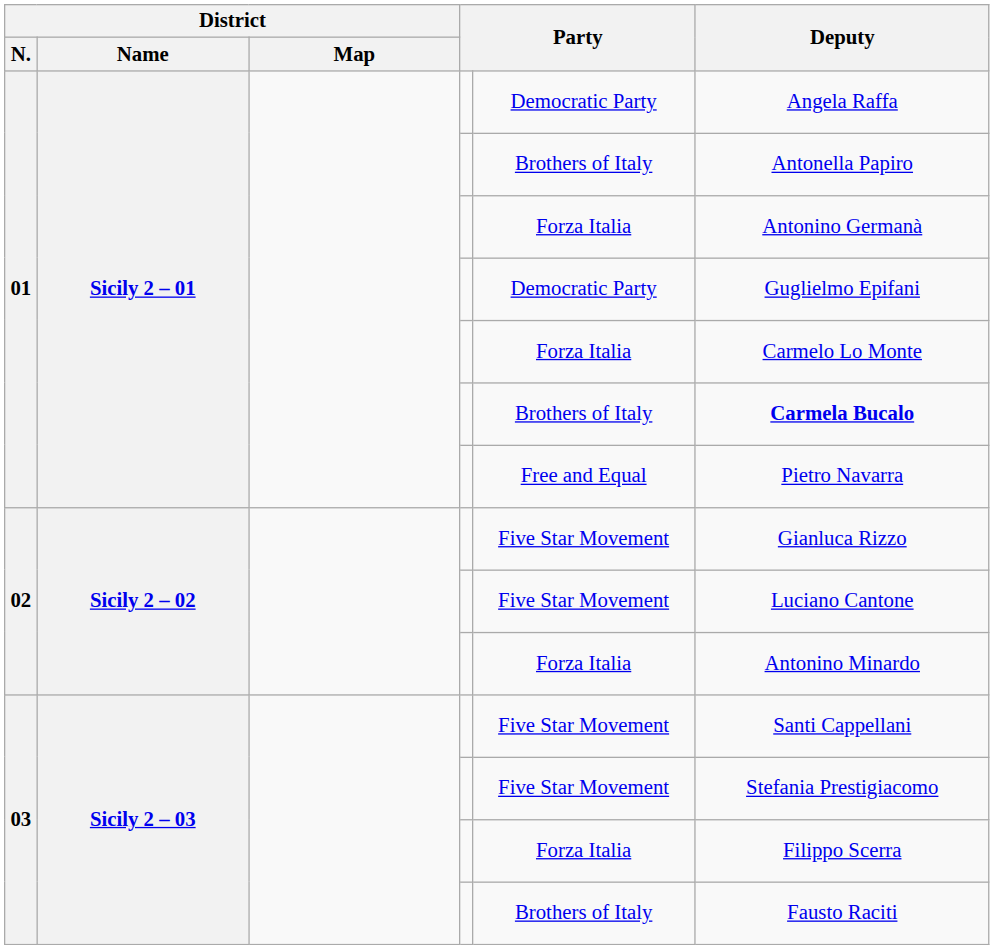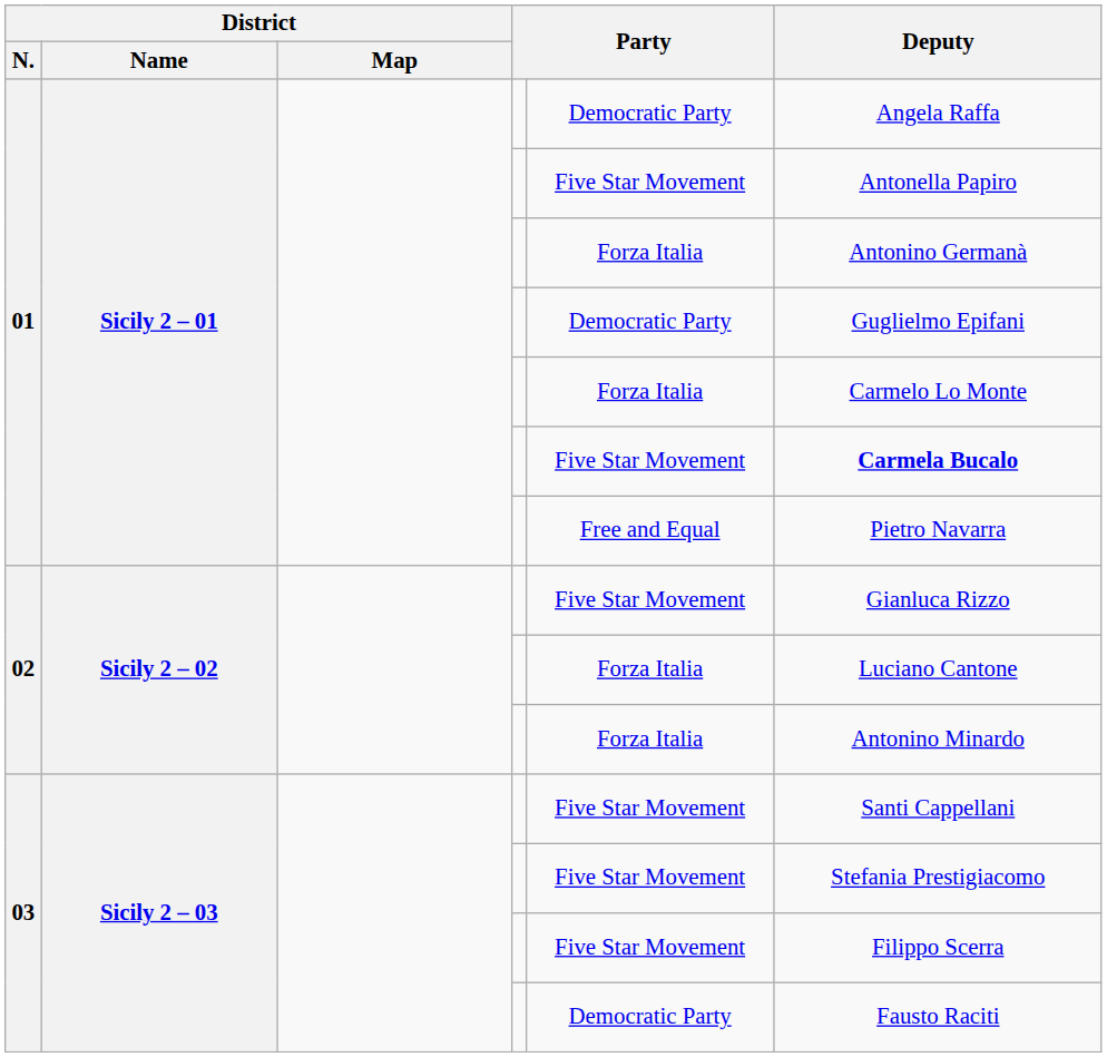 <table class="wikitable" style="text-align:center; style="width=60%">
 <tr>
 <th width=35% colspan="3">District</th>
 <th width=20% colspan="2" rowspan="2">Party</th>
 <th width=25% rowspan="2">Deputy</th>
 </tr>
 <tr>
 <th width=1%>N.</th>
 <th width=18%>Name</th>
 <th width=18%>Map</th>
 </tr>
 <tr style="height:3em;">
 <th rowspan="7">01</th>
 <th rowspan="7"><a href='#'>Sicily 2 – 01</a></th>
 <td rowspan="7"></td>
 <td style="background:"></td>
 <td><a href='#'>Democratic Party</a></td>
 <td><a href='#'>Angela Raffa</a></td>
 </tr>
 <tr style="height:3em;">
 <td style="background:"></td>
-<td><a href='#'>Brothers of Italy</a></td>
+<td><a href='#'>Five Star Movement</a></td>
 <td><a href='#'>Antonella Papiro</a></td>
 </tr>
 <tr style="height:3em;">
 <td style="background:"></td>
 <td><a href='#'>Forza Italia</a></td>
 <td><a href='#'>Antonino Germanà</a></td>
 </tr>
 <tr style="height:3em;">
 <td style="background:"></td>
 <td><a href='#'>Democratic Party</a></td>
 <td><a href='#'>Guglielmo Epifani</a></td>
 </tr>
 <tr style="height:3em;">
 <td style="background:"></td>
 <td><a href='#'>Forza Italia</a></td>
 <td><a href='#'>Carmelo Lo Monte</a></td>
 </tr>
 <tr style="height:3em;">
 <td style="background:"></td>
-<td><a href='#'>Brothers of Italy</a></td>
+<td><a href='#'>Five Star Movement</a></td>
 <td><strong><a href='#'>Carmela Bucalo</a></strong></td>
 </tr>
 <tr style="height:3em;">
 <td style="background:"></td>
 <td><a href='#'>Free and Equal</a></td>
 <td><a href='#'>Pietro Navarra</a></td>
 </tr>
 <tr style="height:3em;">
 <th rowspan="3">02</th>
 <th rowspan="3"><a href='#'>Sicily 2 – 02</a></th>
 <td rowspan="3"></td>
 <td style="background:"></td>
 <td><a href='#'>Five Star Movement</a></td>
 <td><a href='#'>Gianluca Rizzo</a></td>
 </tr>
 <tr style="height:3em;">
 <td style="background:"></td>
-<td><a href='#'>Five Star Movement</a></td>
+<td><a href='#'>Forza Italia</a></td>
 <td><a href='#'>Luciano Cantone</a></td>
 </tr>
 <tr style="height:3em;">
 <td style="background:"></td>
 <td><a href='#'>Forza Italia</a></td>
 <td><a href='#'>Antonino Minardo</a></td>
 </tr>
 <tr style="height:3em;">
 <th rowspan="4">03</th>
 <th rowspan="4"><a href='#'>Sicily 2 – 03</a></th>
 <td rowspan="4"></td>
 <td style="background:"></td>
 <td><a href='#'>Five Star Movement</a></td>
 <td><a href='#'>Santi Cappellani</a></td>
 </tr>
 <tr style="height:3em;">
 <td style="background:"></td>
 <td><a href='#'>Five Star Movement</a></td>
 <td><a href='#'>Stefania Prestigiacomo</a></td>
 </tr>
 <tr style="height:3em;">
 <td style="background:"></td>
-<td><a href='#'>Forza Italia</a></td>
+<td><a href='#'>Five Star Movement</a></td>
 <td><a href='#'>Filippo Scerra</a></td>
 </tr>
 <tr style="height:3em;">
 <td style="background:"></td>
-<td><a href='#'>Brothers of Italy</a></td>
+<td><a href='#'>Democratic Party</a></td>
 <td><a href='#'>Fausto Raciti</a></td>
 </tr>
 </table>
